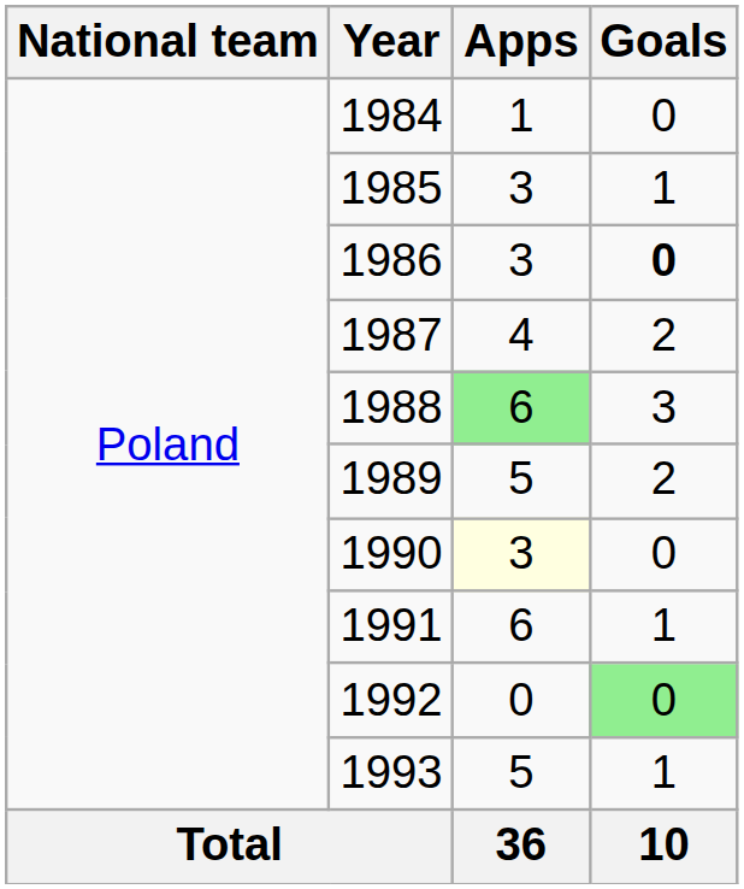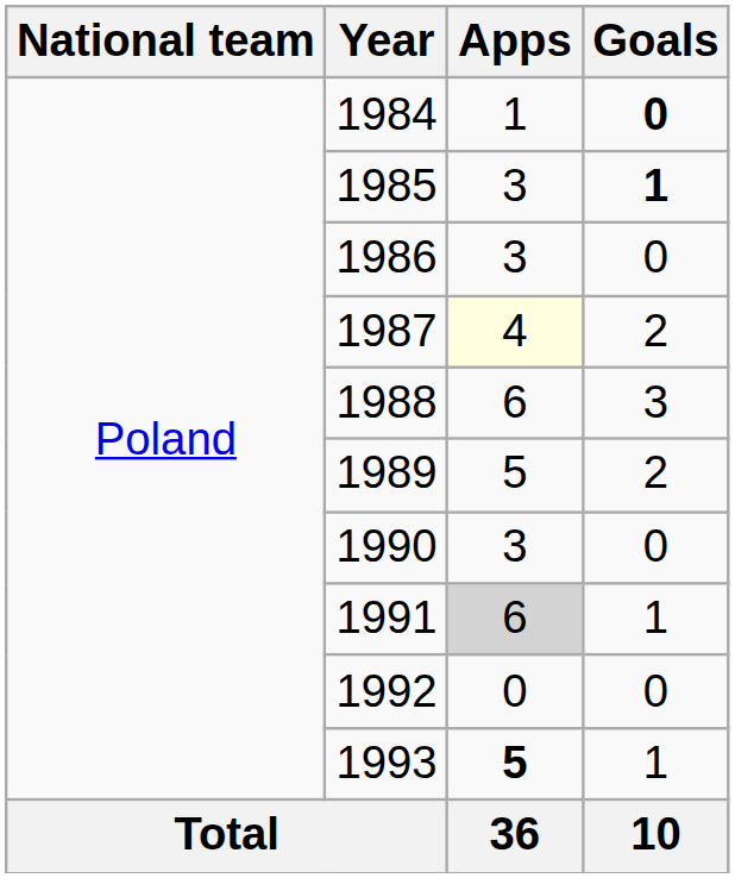 <table class="wikitable" style="text-align:center">
 <tr>
 <th>National team</th>
 <th>Year</th>
 <th>Apps</th>
 <th>Goals</th>
 </tr>
 <tr>
 <td rowspan="10"><a href='#'>Poland</a></td>
 <td>1984</td>
 <td>1</td>
-<td>0</td>
+<td><strong>0</strong></td>
 </tr>
 <tr>
 <td>1985</td>
 <td>3</td>
-<td>1</td>
+<td><strong>1</strong></td>
 </tr>
 <tr>
 <td>1986</td>
 <td>3</td>
-<td><strong>0</strong></td>
+<td>0</td>
 </tr>
 <tr>
 <td>1987</td>
-<td>4</td>
+<td style="background: lightyellow;">4</td>
 <td>2</td>
 </tr>
 <tr>
 <td>1988</td>
-<td style="background: lightgreen;">6</td>
+<td>6</td>
 <td>3</td>
 </tr>
 <tr>
 <td>1989</td>
 <td>5</td>
 <td>2</td>
 </tr>
 <tr>
 <td>1990</td>
-<td style="background: lightyellow;">3</td>
+<td>3</td>
 <td>0</td>
 </tr>
 <tr>
 <td>1991</td>
-<td>6</td>
+<td style="background: lightgrey;">6</td>
 <td>1</td>
 </tr>
 <tr>
 <td>1992</td>
 <td>0</td>
-<td style="background: lightgreen;">0</td>
+<td>0</td>
 </tr>
 <tr>
 <td>1993</td>
-<td>5</td>
+<td><strong>5</strong></td>
 <td>1</td>
 </tr>
 <tr>
 <th colspan="2">Total</th>
 <th>36</th>
 <th>10</th>
 </tr>
 </table>
